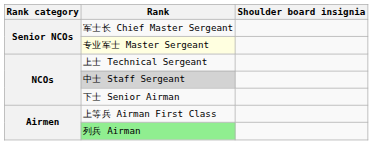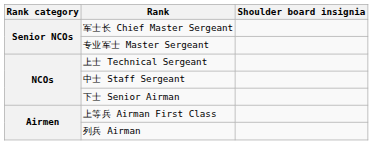 <table class="wikitable">
 <tr>
 <th>Rank category</th>
 <th>Rank</th>
 <th>Shoulder board insignia</th>
 </tr>
 <tr>
 <th rowspan=2>Senior NCOs</th>
 <td>军士长 Chief Master Sergeant</td>
 <td></td>
 </tr>
 <tr>
-<td style="background: lightyellow;">专业军士 Master Sergeant</td>
+<td>专业军士 Master Sergeant</td>
 <td></td>
 </tr>
 <tr>
 <th rowspan=3>NCOs</th>
 <td>上士 Technical Sergeant</td>
 <td></td>
 </tr>
 <tr>
-<td style="background: lightgrey;">中士 Staff Sergeant</td>
+<td>中士 Staff Sergeant</td>
 <td></td>
 </tr>
 <tr>
 <td>下士 Senior Airman</td>
 <td></td>
 </tr>
 <tr>
 <th rowspan=2>Airmen</th>
 <td>上等兵 Airman First Class</td>
 <td></td>
 </tr>
 <tr>
-<td style="background: lightgreen;">列兵 Airman</td>
+<td>列兵 Airman</td>
 <td></td>
 </tr>
 </table>
